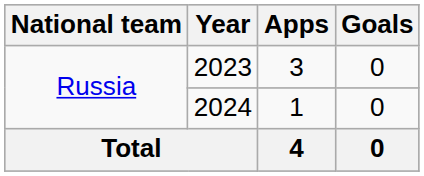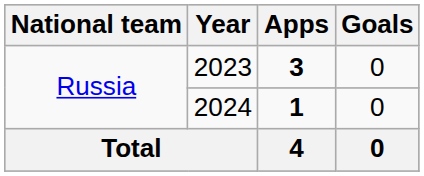 <table class=wikitable style=text-align:center>
 <tr>
 <th>National team</th>
 <th>Year</th>
 <th>Apps</th>
 <th>Goals</th>
 </tr>
 <tr>
 <td rowspan="2"><a href='#'>Russia</a></td>
 <td>2023</td>
-<td>3</td>
+<td><strong>3</strong></td>
 <td>0</td>
 </tr>
 <tr>
 <td>2024</td>
-<td>1</td>
+<td><strong>1</strong></td>
 <td>0</td>
 </tr>
 <tr>
 <th colspan="2">Total</th>
 <th>4</th>
 <th>0</th>
 </tr>
 </table>
